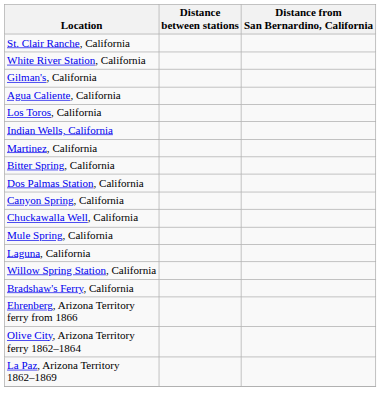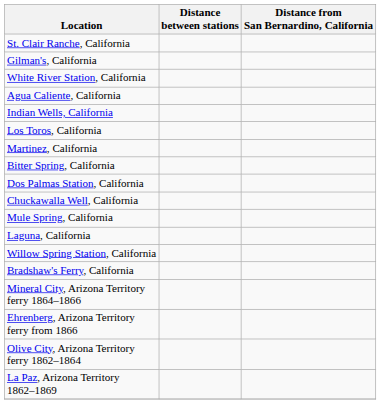 <table class="wikitable" style="text-align: center; margin: 3em">
 <tr>
 <th valign="bottom">Location</th>
 <th valign="bottom">Distance<br>between stations</th>
 <th valign="bottom">Distance from<br>San Bernardino, California</th>
 </tr>
 <tr>
 <td align="left"><a href='#'>St. Clair Ranche</a>, California</td>
 <td align="center"></td>
 <td align="center"></td>
 </tr>
 <tr>
-<td align="left"><a href='#'>White River Station</a>, California</td>
+<td align="left"><a href='#'>Gilman's</a>, California</td>
 <td align="center"></td>
 <td align="center"></td>
 </tr>
 <tr>
-<td align="left"><a href='#'>Gilman's</a>, California</td>
+<td align="left"><a href='#'>White River Station</a>, California</td>
 <td align="center"></td>
 <td align="center"></td>
 </tr>
 <tr>
 <td align="left"><a href='#'>Agua Caliente</a>, California</td>
 <td align="center"></td>
 <td align="center"></td>
 </tr>
 <tr>
-<td align="left"><a href='#'>Los Toros</a>, California</td>
+<td align="left"><a href='#'>Indian Wells, California</a></td>
 <td align="center"></td>
 <td align="center"></td>
 </tr>
 <tr>
-<td align="left"><a href='#'>Indian Wells, California</a></td>
+<td align="left"><a href='#'>Los Toros</a>, California</td>
 <td align="center"></td>
 <td align="center"></td>
 </tr>
 <tr>
 <td align="left"><a href='#'>Martinez</a>, California</td>
 <td align="center"></td>
 <td align="center"></td>
 </tr>
 <tr>
 <td align="left"><a href='#'>Bitter Spring</a>, California</td>
 <td align="center"></td>
 <td align="center"></td>
 </tr>
 <tr>
 <td align="left"><a href='#'>Dos Palmas Station</a>, California</td>
-<td align="center"></td>
-<td align="center"></td>
-</tr>
-<tr>
-<td align="left"><a href='#'>Canyon Spring</a>, California</td>
 <td align="center"></td>
 <td align="center"></td>
 </tr>
 <tr>
 <td align="left"><a href='#'>Chuckawalla Well</a>, California</td>
 <td align="center"></td>
 <td align="center"></td>
 </tr>
 <tr>
 <td align="left"><a href='#'>Mule Spring</a>, California</td>
 <td align="center"></td>
 <td align="center"></td>
 </tr>
 <tr>
 <td align="left"><a href='#'>Laguna</a>, California</td>
 <td align="center"></td>
 <td align="center"></td>
 </tr>
 <tr>
 <td align="left"><a href='#'>Willow Spring Station</a>, California</td>
 <td align="center"></td>
 <td align="center"></td>
 </tr>
 <tr>
 <td align="left"><a href='#'>Bradshaw's Ferry</a>, California</td>
 <td align="center"></td>
 <td align="center"></td>
 </tr>
 <tr>
+<td align="left" valign="top"><a href='#'>Mineral City</a>, Arizona Territory<br>ferry 1864–1866</td>
+<td align="center"></td>
+<td align="center"></td>
+</tr>
+<tr>
 <td align="left"><a href='#'>Ehrenberg</a>, Arizona Territory<br> ferry from 1866</td>
 <td align="center"></td>
 <td align="center"></td>
 </tr>
 <tr>
 <td align="left"><a href='#'>Olive City</a>, Arizona Territory<br> ferry 1862–1864</td>
 <td align="center"></td>
 <td align="center"></td>
 </tr>
 <tr>
 <td align="left"><a href='#'>La Paz</a>, Arizona Territory<br>1862–1869</td>
 <td align="center"></td>
 <td align="center"></td>
 </tr>
 <tr>
 </tr>
 </table>
